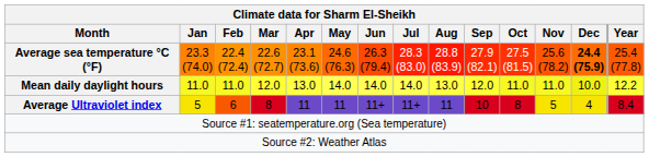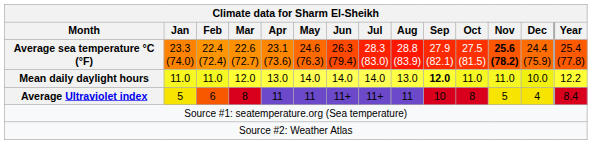 <table style="width:100%;text-align:center;line-height:1.2em;margin-left:auto;margin-right:auto" class="wikitable mw-collapsible">
 <tr>
 <th Colspan=14>Climate data for Sharm El-Sheikh</th>
 </tr>
 <tr>
 <th>Month</th>
 <th>Jan</th>
 <th>Feb</th>
 <th>Mar</th>
 <th>Apr</th>
 <th>May</th>
 <th>Jun</th>
 <th>Jul</th>
 <th>Aug</th>
 <th>Sep</th>
 <th>Oct</th>
 <th>Nov</th>
 <th>Dec</th>
 <th style="border-left-width:medium">Year</th>
 </tr>
 <tr>
 <th>Average sea temperature °C (°F)</th>
 <td style="background:#FF8300;color:#000000;">23.3<br>(74.0)</td>
 <td style="background:#FF9500;color:#000000;">22.4<br>(72.4)</td>
 <td style="background:#FF9100;color:#000000;">22.6<br>(72.7)</td>
 <td style="background:#FF8700;color:#000000;">23.1<br>(73.6)</td>
 <td style="background:#FF6900;color:#000000;">24.6<br>(76.3)</td>
 <td style="background:#FF4800;color:#000000;">26.3<br>(79.4)</td>
 <td style="background:#FF2100;color:#FFFFFF;">28.3<br>(83.0)</td>
 <td style="background:#FF1700;color:#FFFFFF;">28.8<br>(83.9)</td>
 <td style="background:#FF2900;color:#FFFFFF;">27.9<br>(82.1)</td>
 <td style="background:#FF3100;color:#FFFFFF;">27.5<br>(81.5)</td>
-<td style="background:#FF5600;color:#000000;">25.6<br>(78.2)</td>
-<td style="background:#FF6D00;color:#000000;"><strong>24.4<br>(75.9)</strong></td>
+<td style="background:#FF5600;color:#000000;"><strong>25.6<br>(78.2)</strong></td>
+<td style="background:#FF6D00;color:#000000;">24.4<br>(75.9)</td>
 <td style="background:#FF5A00;color:#000000;border-left-width:medium">25.4<br>(77.8)</td>
 </tr>
 <tr>
 <th>Mean daily daylight hours</th>
 <td style="background:#F7F722;color:#000000;">11.0</td>
 <td style="background:#F7F722;color:#000000;">11.0</td>
 <td style="background:#FFFF33;color:#000000;">12.0</td>
 <td style="background:#FFFF44;color:#000000;">13.0</td>
 <td style="background:#FFFF55;color:#000000;">14.0</td>
 <td style="background:#FFFF55;color:#000000;">14.0</td>
 <td style="background:#FFFF55;color:#000000;">14.0</td>
 <td style="background:#FFFF44;color:#000000;">13.0</td>
-<td style="background:#FFFF33;color:#000000;">12.0</td>
+<td style="background:#FFFF33;color:#000000;"><strong>12.0</strong></td>
 <td style="background:#F7F722;color:#000000;">11.0</td>
 <td style="background:#F7F722;color:#000000;">11.0</td>
 <td style="background:#F0F011;color:#000000;">10.0</td>
 <td style="background:#FFFF35;color:#000000;">12.2</td>
 </tr>
 <tr>
 <th>Average <a href='#'>Ultraviolet index</a></th>
 <td style="background:#f7e400;color:#000000;">5</td>
 <td style="background:#f85900;color:#000000;">6</td>
 <td style="background:#d8001d;color:#000000;">8</td>
 <td style="background:#6b49c8;color:#000000;">11</td>
 <td style="background:#6b49c8;color:#000000;">11</td>
 <td style="background:#6b49c8;color:#000000;">11+</td>
 <td style="background:#6b49c8;color:#000000;">11+</td>
 <td style="background:#6b49c8;color:#000000;">11</td>
 <td style="background:#d8001d;color:#000000;">10</td>
 <td style="background:#d8001d;color:#000000;">8</td>
 <td style="background:#f7e400;color:#000000;">5</td>
 <td style="background:#f7e400;color:#000000;">4</td>
 <td style="background:#d8001d;color:#000000;border-left-width:medium">8.4</td>
 </tr>
 <tr>
 <th Colspan=14 style="background:#f8f9fa;font-weight:normal;font-size:95%;">Source #1: seatemperature.org (Sea temperature)</th>
 </tr>
 <tr>
 <th Colspan=14 style="background:#f8f9fa;font-weight:normal;font-size:95%;">Source #2: Weather Atlas</th>
 </tr>
 </table>
